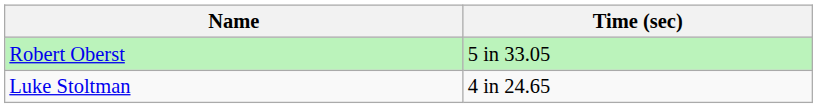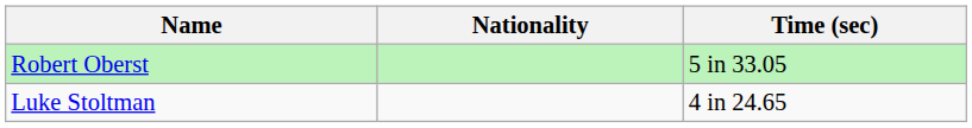 <table class="wikitable" style="display: inline-table;width: 50%;">
 <tr>
 <th>Name</th>
+<th>Nationality</th>
 <th>Time (sec)</th>
 </tr>
 <tr bgcolor=bbf3bb>
 <td><a href='#'>Robert Oberst</a></td>
+<td></td>
 <td>5 in 33.05</td>
 </tr>
 <tr>
 <td><a href='#'>Luke Stoltman</a></td>
+<td></td>
 <td>4 in 24.65</td>
 </tr>
 </table>
